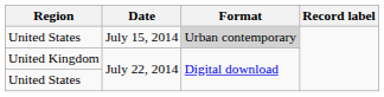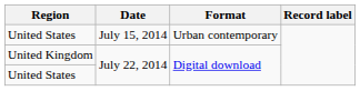 <table class="wikitable plainrowheaders">
 <tr>
 <th scope="col">Region</th>
 <th scope="col">Date</th>
 <th scope="col">Format</th>
 <th scope="col">Record label</th>
 </tr>
 <tr>
 <td>United States</td>
 <td>July 15, 2014</td>
-<td style="background: lightgrey;">Urban contemporary</td>
+<td>Urban contemporary</td>
 <td rowspan="3"></td>
 </tr>
 <tr>
 <td>United Kingdom</td>
 <td rowspan="2">July 22, 2014</td>
 <td rowspan="2"><a href='#'>Digital download</a></td>
 </tr>
 <tr>
 <td>United States</td>
 </tr>
 </table>
